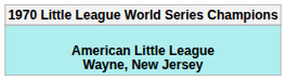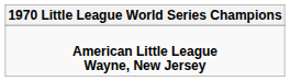 <table class="wikitable" style="text-align: center; margin: 0 auto;">
 <tr>
 <th>1970 Little League World Series Champions</th>
 </tr>
 <tr>
 </tr>
 <tr>
-<td style="background: paleturquoise;"><br><strong>American Little League</strong><br><strong>Wayne, New Jersey</strong></td>
+<td><br><strong>American Little League</strong><br><strong>Wayne, New Jersey</strong></td>
 </tr>
 </table>
